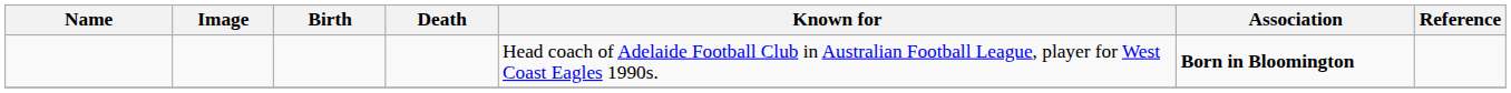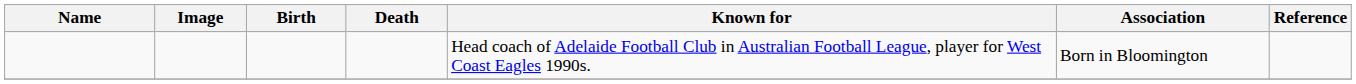 <table class="wikitable sortable">
 <tr>
 <th scope="col" width="140">Name</th>
 <th scope="col" width="80" class="unsortable">Image</th>
 <th scope="col" width="90">Birth</th>
 <th scope="col" width="90">Death</th>
 <th scope="col" width="600" class="unsortable">Known for</th>
 <th scope="col" width="200" class="unsortable">Association</th>
 <th scope="col" width="30" class="unsortable">Reference</th>
 </tr>
 <tr>
 <td></td>
 <td></td>
 <td align=right></td>
 <td></td>
 <td>Head coach of <a href='#'>Adelaide Football Club</a> in <a href='#'>Australian Football League</a>, player for <a href='#'>West Coast Eagles</a> 1990s.</td>
-<td><strong>Born in Bloomington</strong></td>
+<td>Born in Bloomington</td>
 <td align="center"></td>
 </tr>
 <tr>
 </tr>
 </table>
